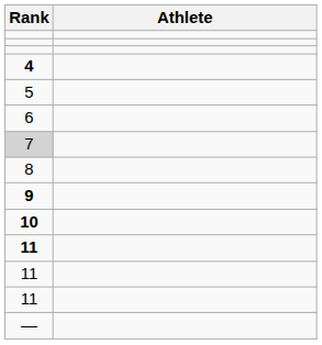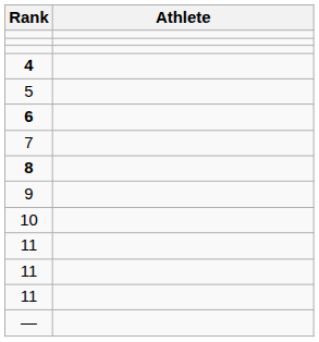 <table class="wikitable" style="text-align: center;">
 <tr>
 <th width=40>Rank</th>
 <th width=250>Athlete</th>
 </tr>
 <tr>
 <td></td>
 <td align="left"></td>
 </tr>
 <tr>
 <td></td>
 <td align="left"></td>
 </tr>
 <tr>
 <td></td>
 <td align="left"></td>
 </tr>
 <tr>
 <td><strong>4</strong></td>
 <td align="left"></td>
 </tr>
 <tr>
 <td>5</td>
 <td align="left"></td>
 </tr>
 <tr>
-<td>6</td>
+<td><strong>6</strong></td>
 <td align="left"></td>
 </tr>
 <tr>
-<td style="background: lightgrey;">7</td>
+<td>7</td>
 <td align="left"></td>
 </tr>
 <tr>
-<td>8</td>
+<td><strong>8</strong></td>
 <td align="left"></td>
 </tr>
 <tr>
-<td><strong>9</strong></td>
+<td>9</td>
 <td align="left"></td>
 </tr>
 <tr>
-<td><strong>10</strong></td>
+<td>10</td>
 <td align="left"></td>
 </tr>
 <tr>
-<td><strong>11</strong></td>
+<td>11</td>
 <td align="left"></td>
 </tr>
 <tr>
 <td>11</td>
 <td align="left"></td>
 </tr>
 <tr>
 <td>11</td>
 <td align="left"></td>
 </tr>
 <tr>
 <td>—</td>
 <td align="left"></td>
 </tr>
 </table>
